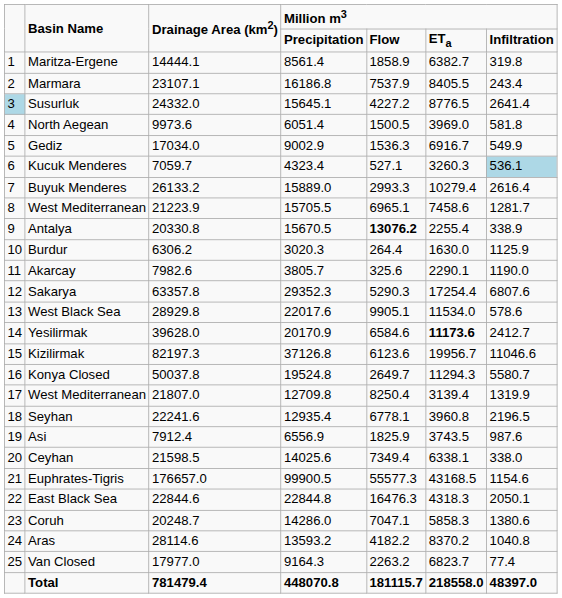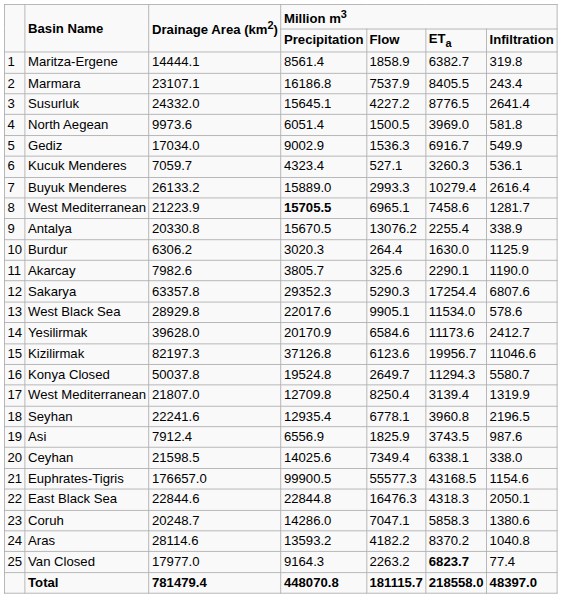 <table class="wikitable">
 <tr>
 <td rowspan="2"></td>
 <td rowspan="2"><strong>Basin Name</strong></td>
 <td rowspan="2"><strong>Drainage Area (km<sup>2</sup>)</strong></td>
 <td colspan="4"><strong>Million m<sup>3</sup></strong></td>
 </tr>
 <tr>
 <td><strong>Precipitation</strong></td>
 <td><strong>Flow</strong></td>
 <td><strong>ET<sub>a</sub></strong></td>
 <td><strong>Infiltration</strong></td>
 </tr>
 <tr>
 <td>1</td>
 <td>Maritza-Ergene</td>
 <td>14444.1</td>
 <td>8561.4</td>
 <td>1858.9</td>
 <td>6382.7</td>
 <td>319.8</td>
 </tr>
 <tr>
 <td>2</td>
 <td>Marmara</td>
 <td>23107.1</td>
 <td>16186.8</td>
 <td>7537.9</td>
 <td>8405.5</td>
 <td>243.4</td>
 </tr>
 <tr>
-<td style="background: lightblue;">3</td>
+<td>3</td>
 <td>Susurluk</td>
 <td>24332.0</td>
 <td>15645.1</td>
 <td>4227.2</td>
 <td>8776.5</td>
 <td>2641.4</td>
 </tr>
 <tr>
 <td>4</td>
 <td>North Aegean</td>
 <td>9973.6</td>
 <td>6051.4</td>
 <td>1500.5</td>
 <td>3969.0</td>
 <td>581.8</td>
 </tr>
 <tr>
 <td>5</td>
 <td>Gediz</td>
 <td>17034.0</td>
 <td>9002.9</td>
 <td>1536.3</td>
 <td>6916.7</td>
 <td>549.9</td>
 </tr>
 <tr>
 <td>6</td>
 <td>Kucuk Menderes</td>
 <td>7059.7</td>
 <td>4323.4</td>
 <td>527.1</td>
 <td>3260.3</td>
-<td style="background: lightblue;">536.1</td>
+<td>536.1</td>
 </tr>
 <tr>
 <td>7</td>
 <td>Buyuk Menderes</td>
 <td>26133.2</td>
 <td>15889.0</td>
 <td>2993.3</td>
 <td>10279.4</td>
 <td>2616.4</td>
 </tr>
 <tr>
 <td>8</td>
 <td>West Mediterranean</td>
 <td>21223.9</td>
-<td>15705.5</td>
+<td><strong>15705.5</strong></td>
 <td>6965.1</td>
 <td>7458.6</td>
 <td>1281.7</td>
 </tr>
 <tr>
 <td>9</td>
 <td>Antalya</td>
 <td>20330.8</td>
 <td>15670.5</td>
-<td><strong>13076.2</strong></td>
+<td>13076.2</td>
 <td>2255.4</td>
 <td>338.9</td>
 </tr>
 <tr>
 <td>10</td>
 <td>Burdur</td>
 <td>6306.2</td>
 <td>3020.3</td>
 <td>264.4</td>
 <td>1630.0</td>
 <td>1125.9</td>
 </tr>
 <tr>
 <td>11</td>
 <td>Akarcay</td>
 <td>7982.6</td>
 <td>3805.7</td>
 <td>325.6</td>
 <td>2290.1</td>
 <td>1190.0</td>
 </tr>
 <tr>
 <td>12</td>
 <td>Sakarya</td>
 <td>63357.8</td>
 <td>29352.3</td>
 <td>5290.3</td>
 <td>17254.4</td>
 <td>6807.6</td>
 </tr>
 <tr>
 <td>13</td>
 <td>West Black Sea</td>
 <td>28929.8</td>
 <td>22017.6</td>
 <td>9905.1</td>
 <td>11534.0</td>
 <td>578.6</td>
 </tr>
 <tr>
 <td>14</td>
 <td>Yesilirmak</td>
 <td>39628.0</td>
 <td>20170.9</td>
 <td>6584.6</td>
-<td><strong>11173.6</strong></td>
+<td>11173.6</td>
 <td>2412.7</td>
 </tr>
 <tr>
 <td>15</td>
 <td>Kizilirmak</td>
 <td>82197.3</td>
 <td>37126.8</td>
 <td>6123.6</td>
 <td>19956.7</td>
 <td>11046.6</td>
 </tr>
 <tr>
 <td>16</td>
 <td>Konya Closed</td>
 <td>50037.8</td>
 <td>19524.8</td>
 <td>2649.7</td>
 <td>11294.3</td>
 <td>5580.7</td>
 </tr>
 <tr>
 <td>17</td>
 <td>West Mediterranean</td>
 <td>21807.0</td>
 <td>12709.8</td>
 <td>8250.4</td>
 <td>3139.4</td>
 <td>1319.9</td>
 </tr>
 <tr>
 <td>18</td>
 <td>Seyhan</td>
 <td>22241.6</td>
 <td>12935.4</td>
 <td>6778.1</td>
 <td>3960.8</td>
 <td>2196.5</td>
 </tr>
 <tr>
 <td>19</td>
 <td>Asi</td>
 <td>7912.4</td>
 <td>6556.9</td>
 <td>1825.9</td>
 <td>3743.5</td>
 <td>987.6</td>
 </tr>
 <tr>
 <td>20</td>
 <td>Ceyhan</td>
 <td>21598.5</td>
 <td>14025.6</td>
 <td>7349.4</td>
 <td>6338.1</td>
 <td>338.0</td>
 </tr>
 <tr>
 <td>21</td>
 <td>Euphrates-Tigris</td>
 <td>176657.0</td>
 <td>99900.5</td>
 <td>55577.3</td>
 <td>43168.5</td>
 <td>1154.6</td>
 </tr>
 <tr>
 <td>22</td>
 <td>East Black Sea</td>
 <td>22844.6</td>
 <td>22844.8</td>
 <td>16476.3</td>
 <td>4318.3</td>
 <td>2050.1</td>
 </tr>
 <tr>
 <td>23</td>
 <td>Coruh</td>
 <td>20248.7</td>
 <td>14286.0</td>
 <td>7047.1</td>
 <td>5858.3</td>
 <td>1380.6</td>
 </tr>
 <tr>
 <td>24</td>
 <td>Aras</td>
 <td>28114.6</td>
 <td>13593.2</td>
 <td>4182.2</td>
 <td>8370.2</td>
 <td>1040.8</td>
 </tr>
 <tr>
 <td>25</td>
 <td>Van Closed</td>
 <td>17977.0</td>
 <td>9164.3</td>
 <td>2263.2</td>
-<td>6823.7</td>
+<td><strong>6823.7</strong></td>
 <td>77.4</td>
 </tr>
 <tr>
 <td></td>
 <td><strong>Total</strong></td>
 <td><strong>781479.4</strong></td>
 <td><strong>448070.8</strong></td>
 <td><strong>181115.7</strong></td>
 <td><strong>218558.0</strong></td>
 <td><strong>48397.0</strong></td>
 </tr>
 </table>
